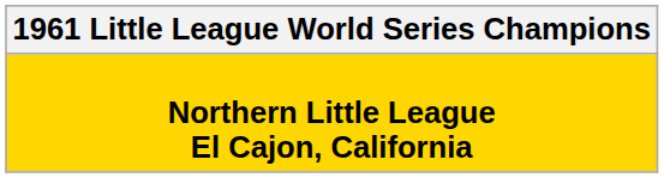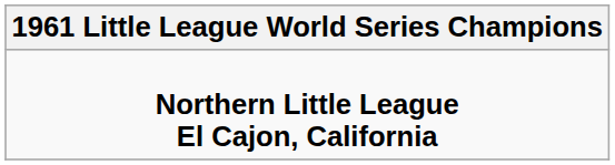 <table class="wikitable" style="text-align: center; margin: 0 auto;">
 <tr>
 <th>1961 Little League World Series Champions</th>
 </tr>
 <tr>
-<td style="background: gold;"> <br><strong>Northern Little League</strong><br><strong>El Cajon, California</strong></td>
+<td> <br><strong>Northern Little League</strong><br><strong>El Cajon, California</strong></td>
 </tr>
 </table>
